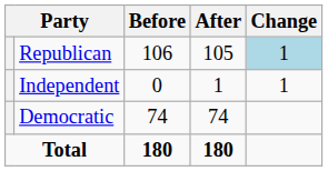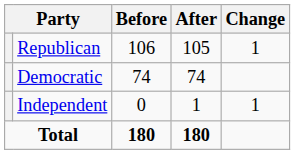 <table class="wikitable" style="text-align:center;">
 <tr>
 <th colspan="2">Party</th>
 <th>Before</th>
 <th>After</th>
 <th>Change</th>
 </tr>
 <tr>
 <th style="background-color:"></th>
 <td style="text-align:left;"><a href='#'>Republican</a></td>
 <td>106</td>
 <td>105</td>
-<td style="background: lightblue;"> 1</td>
-</tr>
-<tr>
-<th style="background-color:"></th>
-<td style="text-align:left;"><a href='#'>Independent</a></td>
-<td>0</td>
-<td>1</td>
 <td> 1</td>
 </tr>
 <tr>
 <th style="background-color:"></th>
 <td style="text-align:left;"><a href='#'>Democratic</a></td>
 <td>74</td>
 <td>74</td>
 <td></td>
 </tr>
 <tr>
+<th style="background-color:"></th>
+<td style="text-align:left;"><a href='#'>Independent</a></td>
+<td>0</td>
+<td>1</td>
+<td> 1</td>
+</tr>
+<tr>
 <td colspan="2"><strong>Total</strong></td>
 <td><strong>180</strong></td>
 <td><strong>180</strong></td>
 <td></td>
 </tr>
 </table>
